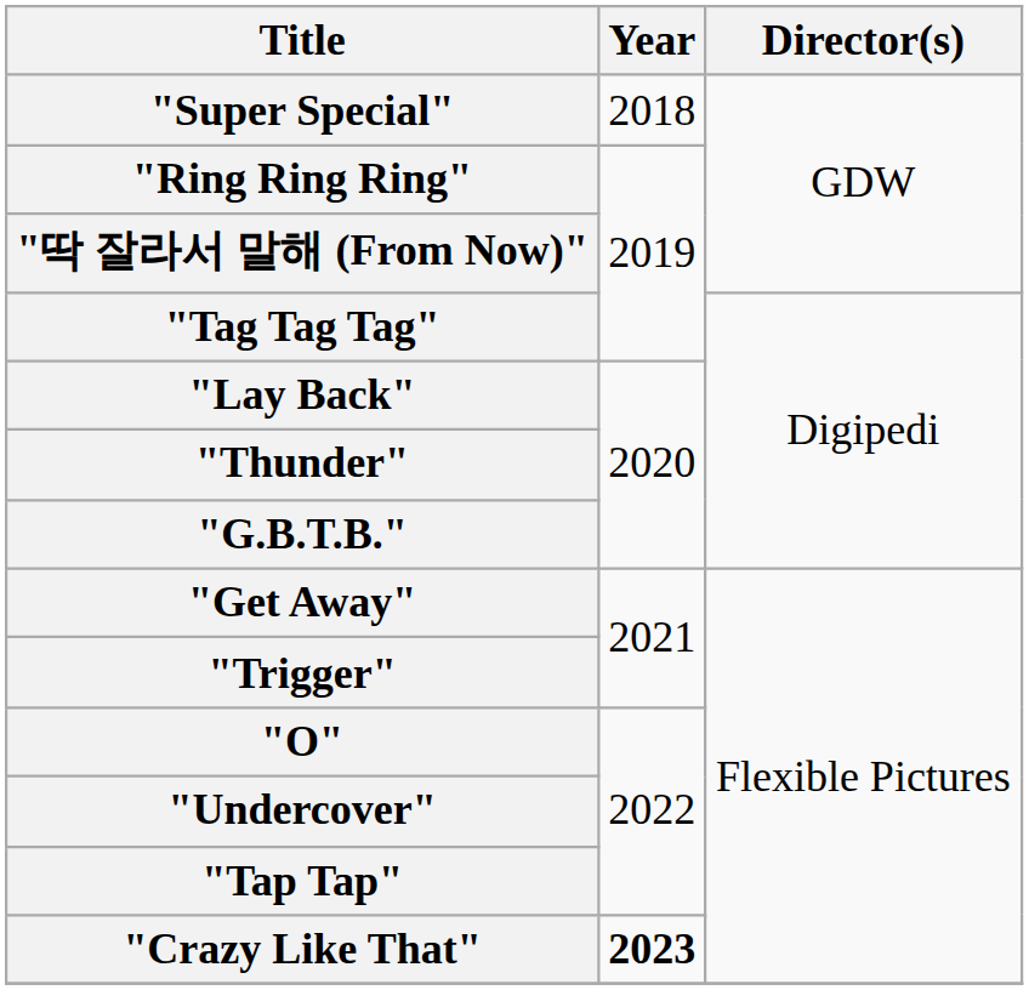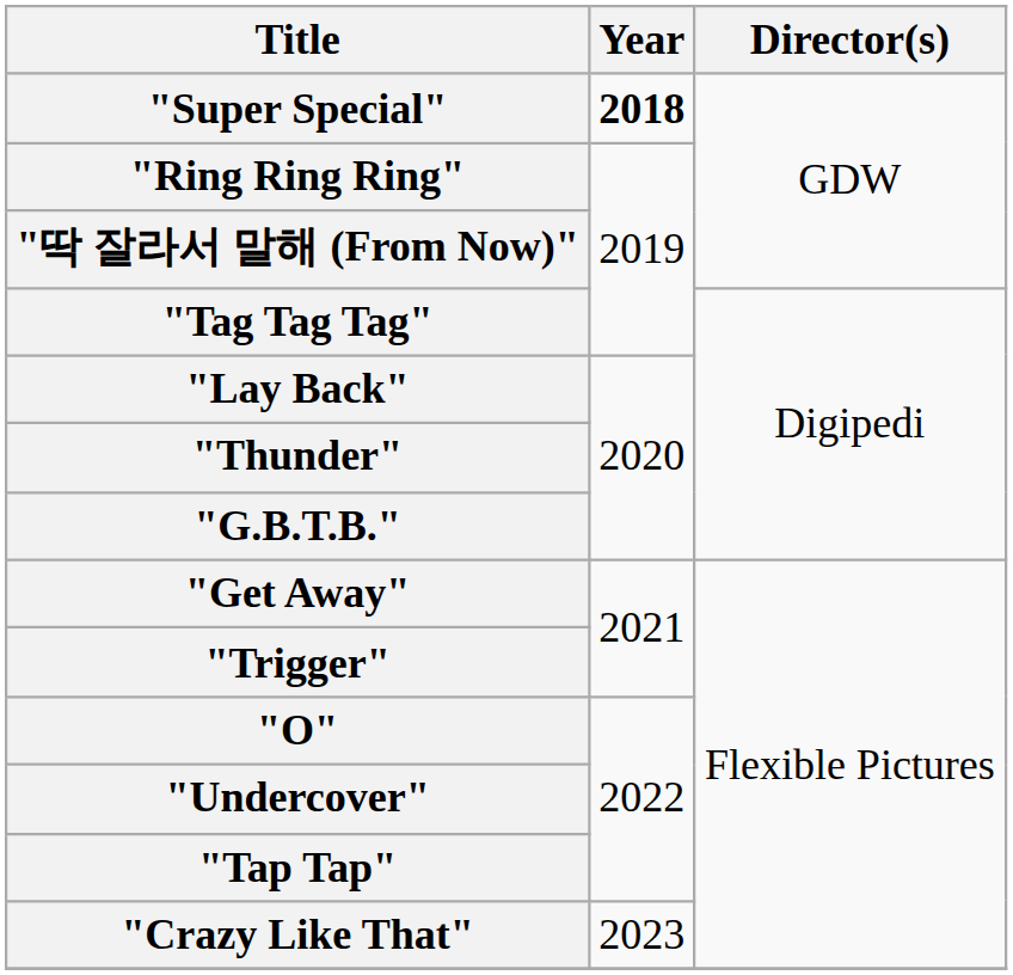 <table class="wikitable plainrowheaders" style="text-align:center">
 <tr>
 <th scope="col">Title</th>
 <th scope="col">Year</th>
 <th scope="col">Director(s)</th>
 </tr>
 <tr>
 <th scope="row">"Super Special"</th>
-<td>2018</td>
+<td><strong>2018</strong></td>
 <td rowspan="3">GDW</td>
 </tr>
 <tr>
 <th scope="row">"Ring Ring Ring"</th>
 <td Rowspan="3">2019</td>
 </tr>
 <tr>
 <th scope="row">"딱 잘라서 말해 (From Now)"</th>
 </tr>
 <tr>
 <th scope="row">"Tag Tag Tag"</th>
 <td rowspan="4">Digipedi</td>
 </tr>
 <tr>
 <th scope="row">"Lay Back"</th>
 <td Rowspan="3">2020</td>
 </tr>
 <tr>
 <th scope="row">"Thunder"</th>
 </tr>
 <tr>
 <th scope="row">"G.B.T.B."</th>
 </tr>
 <tr>
 <th scope="row">"Get Away"</th>
 <td Rowspan="2">2021</td>
 <td rowspan="6">Flexible Pictures</td>
 </tr>
 <tr>
 <th scope="row">"Trigger"</th>
 </tr>
 <tr>
 <th scope="row">"O"</th>
 <td Rowspan="3">2022</td>
 </tr>
 <tr>
 <th scope="row">"Undercover"</th>
 </tr>
 <tr>
 <th scope="row">"Tap Tap"</th>
 </tr>
 <tr>
 <th scope="row">"Crazy Like That"</th>
-<td><strong>2023</strong></td>
+<td>2023</td>
 </tr>
 <tr>
 </tr>
 </table>
